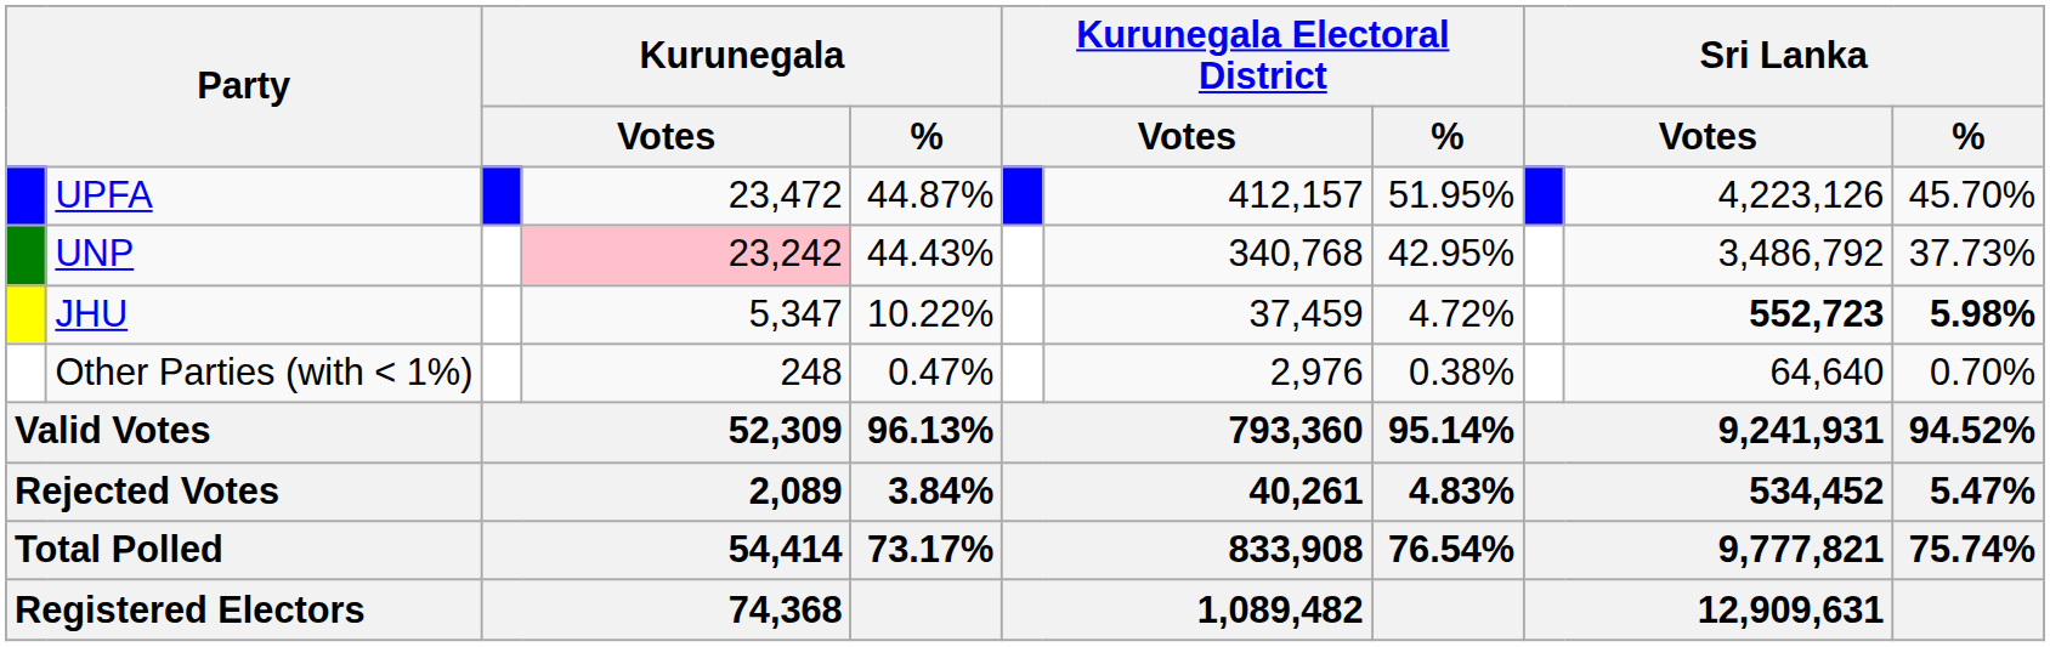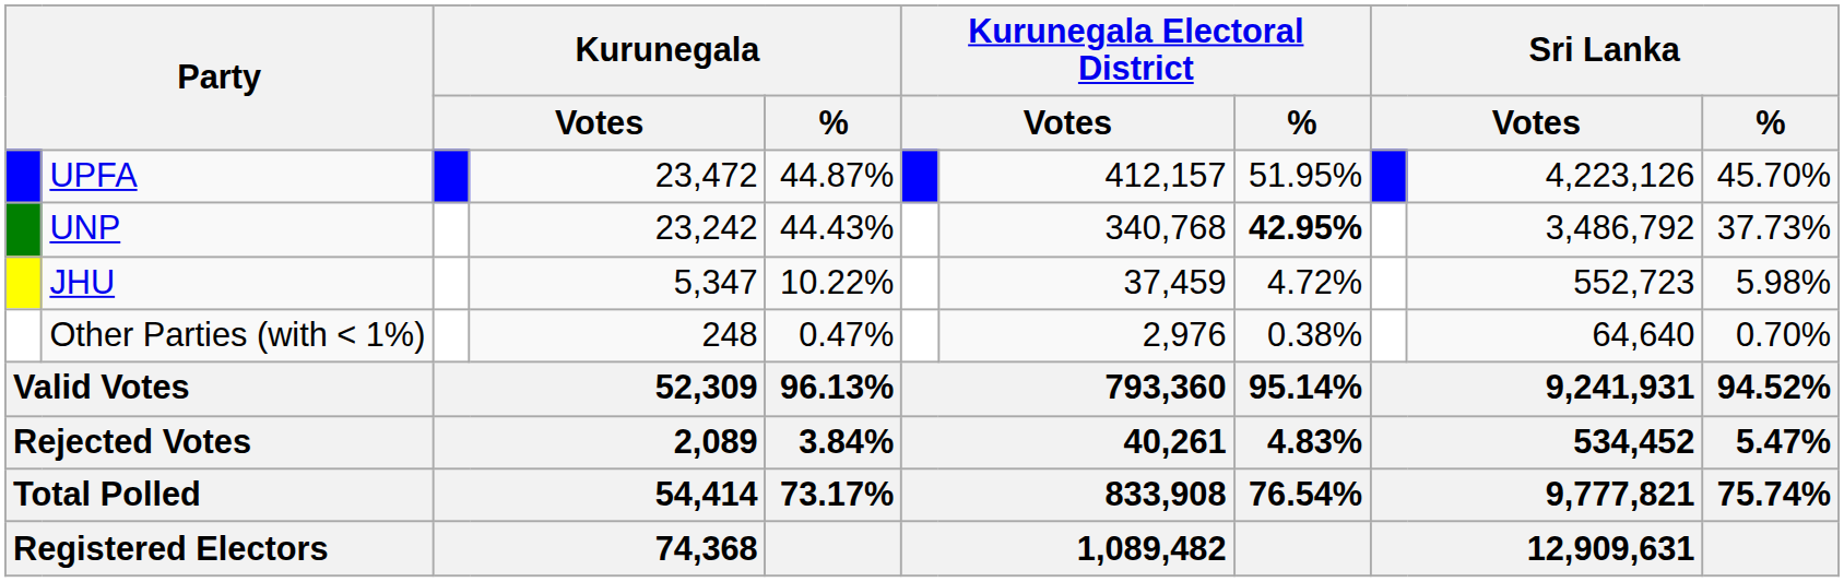 <table class="wikitable">
 <tr>
 <th colspan="2" width="144px"rowspan="2">Party</th>
 <th colspan="3" width="216px">Kurunegala</th>
 <th colspan="3" width="216px"><a href='#'>Kurunegala Electoral District</a></th>
 <th colspan="3" width="216px">Sri Lanka</th>
 </tr>
 <tr>
 <th colspan="2" width="144px">Votes</th>
 <th>%</th>
 <th colspan="2" width="144px">Votes</th>
 <th>%</th>
 <th colspan="2" width="144px">Votes</th>
 <th>%</th>
 </tr>
 <tr>
 <td style="background-color:blue;" width="10px"></td>
 <td style="text-align:left;"><a href='#'>UPFA</a></td>
 <td style="background-color:blue;" width="10px"></td>
 <td style="text-align:right;">23,472</td>
 <td style="text-align:right;">44.87%</td>
 <td style="background-color:blue;" width="10px"></td>
 <td style="text-align:right;">412,157</td>
 <td style="text-align:right;">51.95%</td>
 <td style="background-color:blue;" width="10px"></td>
 <td style="text-align:right;">4,223,126</td>
 <td style="text-align:right;">45.70%</td>
 </tr>
 <tr>
 <td style="background-color:green;" width="10px"></td>
 <td style="text-align:left;"><a href='#'>UNP</a></td>
 <td style="background-color:white;" width="10px"></td>
-<td style="background: pink; text-align:right;">23,242</td>
+<td style="text-align:right;">23,242</td>
 <td style="text-align:right;">44.43%</td>
 <td style="background-color:white;" width="10px"></td>
 <td style="text-align:right;">340,768</td>
-<td style="text-align:right;">42.95%</td>
+<td style="text-align:right;"><strong>42.95%</strong></td>
 <td style="background-color:white;" width="10px"></td>
 <td style="text-align:right;">3,486,792</td>
 <td style="text-align:right;">37.73%</td>
 </tr>
 <tr>
 <td style="background-color:yellow;" width="10px"></td>
 <td style="text-align:left;"><a href='#'>JHU</a></td>
 <td style="background-color:white;" width="10px"></td>
 <td style="text-align:right;">5,347</td>
 <td style="text-align:right;">10.22%</td>
 <td style="background-color:white;" width="10px"></td>
 <td style="text-align:right;">37,459</td>
 <td style="text-align:right;">4.72%</td>
 <td style="background-color:white;" width="10px"></td>
-<td style="text-align:right;"><strong>552,723</strong></td>
-<td style="text-align:right;"><strong>5.98%</strong></td>
+<td style="text-align:right;">552,723</td>
+<td style="text-align:right;">5.98%</td>
 </tr>
 <tr>
 <td style="background-color:white;" width="10px"></td>
 <td style="text-align:left;">Other Parties (with < 1%)</td>
 <td style="background-color:white;" width="10px"></td>
 <td style="text-align:right;">248</td>
 <td style="text-align:right;">0.47%</td>
 <td style="background-color:white;" width="10px"></td>
 <td style="text-align:right;">2,976</td>
 <td style="text-align:right;">0.38%</td>
 <td style="background-color:white;" width="10px"></td>
 <td style="text-align:right;">64,640</td>
 <td style="text-align:right;">0.70%</td>
 </tr>
 <tr>
 <th colspan="2" width="144px"style="text-align:left;">Valid Votes</th>
 <th style="text-align:right;"colspan="2" width="144px">52,309</th>
 <th style="text-align:right;">96.13%</th>
 <th style="text-align:right;"colspan="2" width="144px">793,360</th>
 <th style="text-align:right;">95.14%</th>
 <th style="text-align:right;"colspan="2" width="144px">9,241,931</th>
 <th style="text-align:right;">94.52%</th>
 </tr>
 <tr>
 <th colspan="2" width="144px"style="text-align:left;">Rejected Votes</th>
 <th style="text-align:right;"colspan="2" width="144px">2,089</th>
 <th style="text-align:right;">3.84%</th>
 <th style="text-align:right;"colspan="2" width="144px">40,261</th>
 <th style="text-align:right;">4.83%</th>
 <th style="text-align:right;"colspan="2" width="144px">534,452</th>
 <th style="text-align:right;">5.47%</th>
 </tr>
 <tr>
 <th colspan="2" width="144px"style="text-align:left;">Total Polled</th>
 <th style="text-align:right;"colspan="2" width="144px">54,414</th>
 <th style="text-align:right;">73.17%</th>
 <th style="text-align:right;"colspan="2" width="144px">833,908</th>
 <th style="text-align:right;">76.54%</th>
 <th style="text-align:right;"colspan="2" width="144px">9,777,821</th>
 <th style="text-align:right;">75.74%</th>
 </tr>
 <tr>
 <th colspan="2" width="144px"style="text-align:left;">Registered Electors</th>
 <th style="text-align:right;"colspan="2" width="144px">74,368</th>
 <th></th>
 <th style="text-align:right;"colspan="2" width="144px">1,089,482</th>
 <th></th>
 <th style="text-align:right;"colspan="2" width="144px">12,909,631</th>
 <th></th>
 </tr>
 </table>
